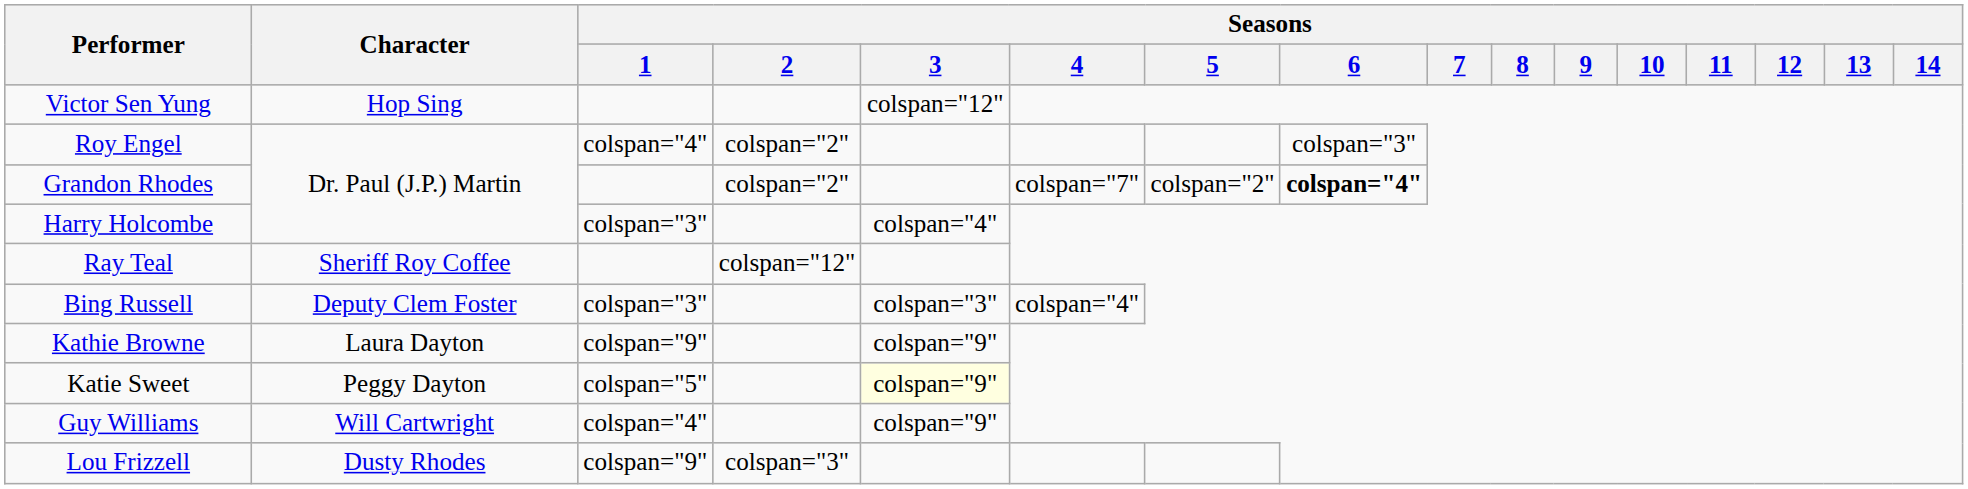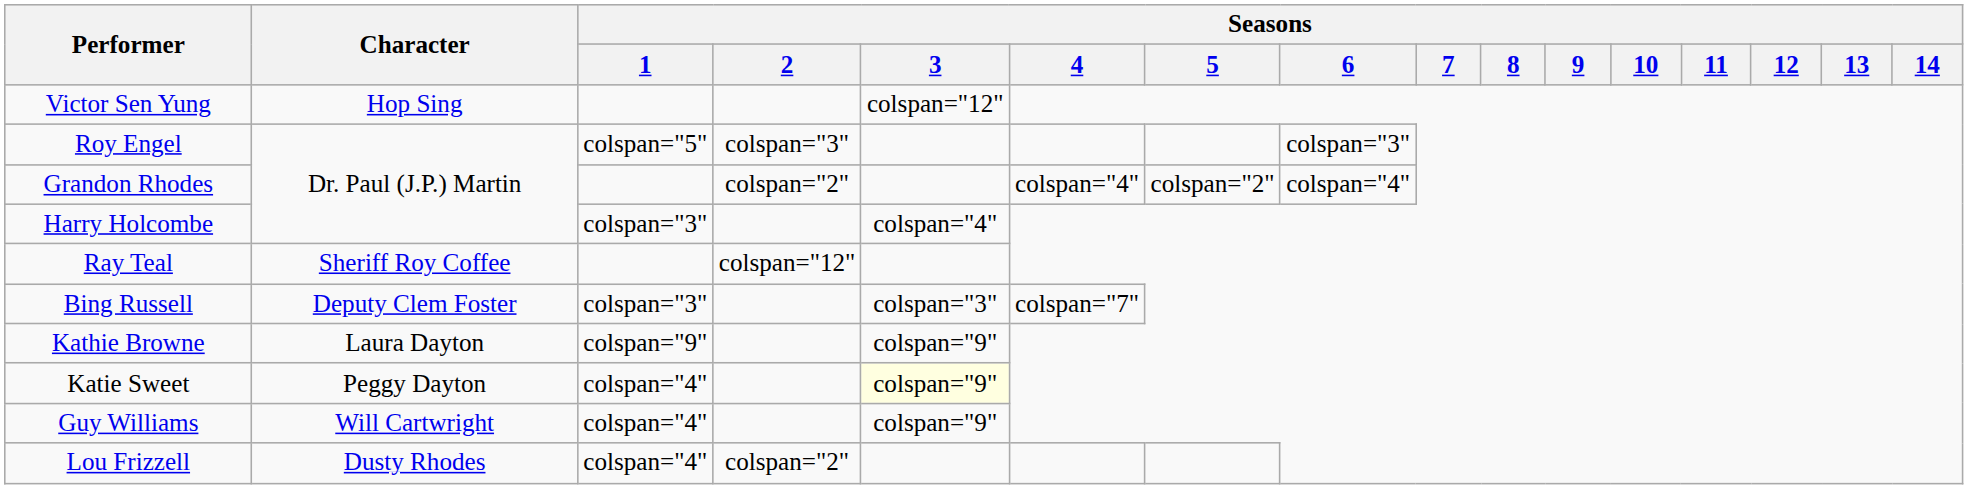 <table class="wikitable" style="text-align: center;">
 <tr>
 <th rowspan="2" style="min-width: 150px; max-width: 150px;">Performer</th>
 <th rowspan="2" style="min-width: 200px; max-width: 200px;">Character</th>
 <th colspan="14">Seasons</th>
 </tr>
 <tr>
 <th style="width: 5%;"><a href='#'>1</a></th>
 <th style="width: 5%;"><a href='#'>2</a></th>
 <th style="width: 5%;"><a href='#'>3</a></th>
 <th style="width: 5%;"><a href='#'>4</a></th>
 <th style="width: 5%;"><a href='#'>5</a></th>
 <th style="width: 5%;"><a href='#'>6</a></th>
 <th style="width: 5%;"><a href='#'>7</a></th>
 <th style="width: 5%;"><a href='#'>8</a></th>
 <th style="width: 5%;"><a href='#'>9</a></th>
 <th style="width: 5%;"><a href='#'>10</a></th>
 <th style="width: 5%;"><a href='#'>11</a></th>
 <th style="width: 5%;"><a href='#'>12</a></th>
 <th style="width: 5%;"><a href='#'>13</a></th>
 <th style="width: 5%;"><a href='#'>14</a></th>
 </tr>
 <tr>
 <td><a href='#'>Victor Sen Yung</a></td>
 <td><a href='#'>Hop Sing</a></td>
 <td></td>
 <td></td>
 <td>colspan="12" </td>
 </tr>
 <tr>
 <td><a href='#'>Roy Engel</a></td>
 <td rowspan="3">Dr. Paul (J.P.) Martin</td>
-<td>colspan="4" </td>
-<td>colspan="2" </td>
+<td>colspan="5" </td>
+<td>colspan="3" </td>
 <td></td>
 <td></td>
 <td></td>
 <td>colspan="3" </td>
 </tr>
 <tr>
 <td><a href='#'>Grandon Rhodes</a></td>
 <td></td>
 <td>colspan="2" </td>
 <td></td>
-<td>colspan="7" </td>
+<td>colspan="4" </td>
 <td>colspan="2" </td>
-<td><strong>colspan="4" </strong></td>
+<td>colspan="4" </td>
 </tr>
 <tr>
 <td><a href='#'>Harry Holcombe</a></td>
 <td>colspan="3" </td>
 <td></td>
 <td>colspan="4" </td>
 </tr>
 <tr>
 <td><a href='#'>Ray Teal</a></td>
 <td><a href='#'>Sheriff Roy Coffee</a></td>
 <td></td>
 <td>colspan="12" </td>
 <td></td>
 </tr>
 <tr>
 <td><a href='#'>Bing Russell</a></td>
 <td><a href='#'>Deputy Clem Foster</a></td>
 <td>colspan="3" </td>
 <td></td>
 <td>colspan="3" </td>
-<td>colspan="4" </td>
+<td>colspan="7" </td>
 </tr>
 <tr>
 <td><a href='#'>Kathie Browne</a></td>
 <td>Laura Dayton</td>
 <td>colspan="9" </td>
 <td></td>
 <td>colspan="9" </td>
 </tr>
 <tr>
 <td>Katie Sweet</td>
 <td>Peggy Dayton</td>
-<td>colspan="5" </td>
+<td>colspan="4" </td>
 <td></td>
 <td style="background: lightyellow;">colspan="9" </td>
 </tr>
 <tr>
 <td><a href='#'>Guy Williams</a></td>
 <td><a href='#'>Will Cartwright</a></td>
 <td>colspan="4" </td>
 <td></td>
 <td>colspan="9" </td>
 </tr>
 <tr>
 <td><a href='#'>Lou Frizzell</a></td>
 <td><a href='#'>Dusty Rhodes</a></td>
-<td>colspan="9" </td>
-<td>colspan="3" </td>
+<td>colspan="4" </td>
+<td>colspan="2" </td>
 <td></td>
 <td></td>
 <td></td>
 </tr>
 </table>
